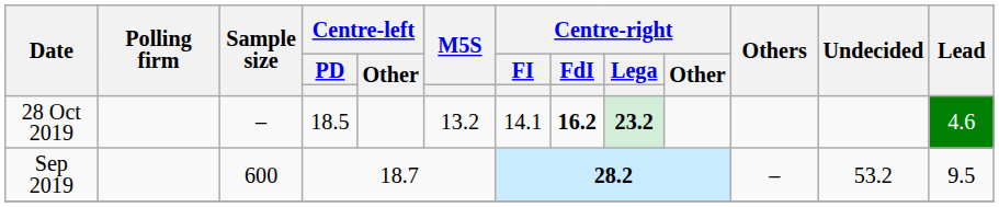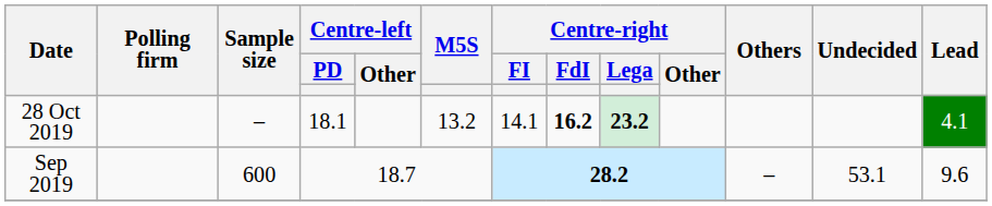 <table class=wikitable style="text-align:center;font-size:85%;line-height:13px">
 <tr style="height:30px; background-color:#E9E9E9">
 <th style="width:110px;" rowspan="3">Date</th>
 <th style="width:140px;" rowspan="3">Polling firm</th>
 <th style="width:50px;" rowspan="3">Sample size</th>
 <th colspan="2" style="width:65px;"><a href='#'>Centre-left</a></th>
 <th style="width:65px;" rowspan="2"><a href='#'>M5S</a></th>
 <th colspan="4" style="width:65px;"><a href='#'>Centre-right</a></th>
 <th style="width:65px;" rowspan="3">Others</th>
 <th style="width:35px;" rowspan="3">Undecided</th>
 <th style="width:45px;" rowspan="3">Lead</th>
 </tr>
 <tr>
 <th style="width:35px;"><a href='#'>PD</a></th>
 <th rowspan="2" style="width:35px;">Other</th>
 <th style="width:35px;"><a href='#'>FI</a></th>
 <th style="width:35px;"><a href='#'>FdI</a></th>
 <th style="width:35px;"><a href='#'>Lega</a></th>
 <th rowspan="2" style="width:35px;">Other</th>
 </tr>
 <tr>
 <th style="background:"></th>
 <th style="background:"></th>
 <th style="background:"></th>
 <th style="background:"></th>
 <th style="background:"></th>
 </tr>
 <tr>
 <td>28 Oct 2019</td>
 <td></td>
 <td>–</td>
-<td>18.5</td>
+<td>18.1</td>
 <td></td>
 <td>13.2</td>
 <td>14.1</td>
 <td><strong>16.2</strong></td>
 <td style="background:#D2EED9"><strong>23.2</strong></td>
 <td></td>
 <td></td>
 <td></td>
-<td style="background:#008000; color:white;">4.6</td>
+<td style="background:#008000; color:white;">4.1</td>
 </tr>
 <tr>
 <td>Sep 2019</td>
 <td></td>
 <td>600</td>
 <td colspan="3">18.7</td>
 <td colspan="4" style="background:#C8EBFF"><strong>28.2</strong></td>
 <td>–</td>
-<td>53.2</td>
-<td style="background:">9.5</td>
+<td>53.1</td>
+<td style="background:">9.6</td>
 </tr>
 <tr>
 </tr>
 </table>
